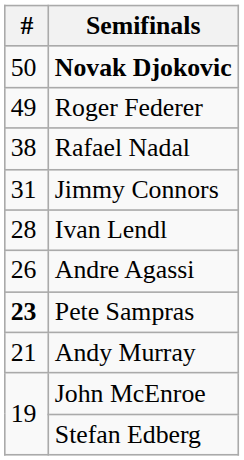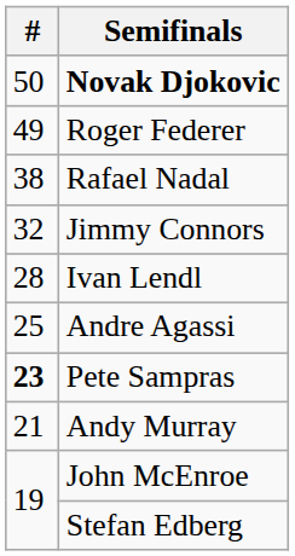 <table class="wikitable" style="display:inline-table;">
 <tr>
 <th width=20>#</th>
 <th>Semifinals</th>
 </tr>
 <tr>
 <td>50</td>
 <td> <strong>Novak Djokovic</strong></td>
 </tr>
 <tr>
 <td>49</td>
 <td> Roger Federer</td>
 </tr>
 <tr>
 <td>38</td>
 <td> Rafael Nadal</td>
 </tr>
 <tr>
-<td>31</td>
+<td>32</td>
 <td> Jimmy Connors</td>
 </tr>
 <tr>
 <td>28</td>
 <td> Ivan Lendl</td>
 </tr>
 <tr>
-<td>26</td>
+<td>25</td>
 <td> Andre Agassi</td>
 </tr>
 <tr>
 <td><strong>23</strong></td>
 <td> Pete Sampras</td>
 </tr>
 <tr>
 <td>21</td>
 <td> Andy Murray</td>
 </tr>
 <tr>
 <td rowspan="2">19</td>
 <td> John McEnroe</td>
 </tr>
 <tr>
 <td> Stefan Edberg</td>
 </tr>
 </table>
